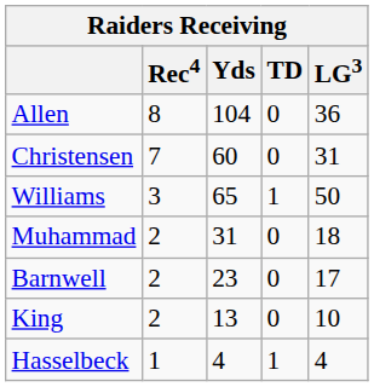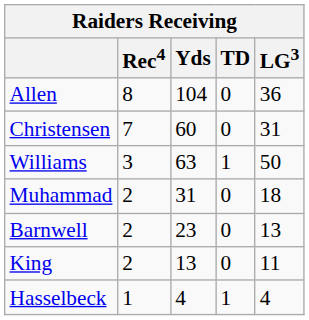 <table class="wikitable">
 <tr>
 <th colspan="5">Raiders Receiving</th>
 </tr>
 <tr>
 <th></th>
 <th>Rec<sup>4</sup></th>
 <th>Yds</th>
 <th>TD</th>
 <th>LG<sup>3</sup></th>
 </tr>
 <tr>
 <td><a href='#'>Allen</a></td>
 <td>8</td>
 <td>104</td>
 <td>0</td>
 <td>36</td>
 </tr>
 <tr>
 <td><a href='#'>Christensen</a></td>
 <td>7</td>
 <td>60</td>
 <td>0</td>
 <td>31</td>
 </tr>
 <tr>
 <td><a href='#'>Williams</a></td>
 <td>3</td>
-<td>65</td>
+<td>63</td>
 <td>1</td>
 <td>50</td>
 </tr>
 <tr>
 <td><a href='#'>Muhammad</a></td>
 <td>2</td>
 <td>31</td>
 <td>0</td>
 <td>18</td>
 </tr>
 <tr>
 <td><a href='#'>Barnwell</a></td>
 <td>2</td>
 <td>23</td>
 <td>0</td>
-<td>17</td>
+<td>13</td>
 </tr>
 <tr>
 <td><a href='#'>King</a></td>
 <td>2</td>
 <td>13</td>
 <td>0</td>
-<td>10</td>
+<td>11</td>
 </tr>
 <tr>
 <td><a href='#'>Hasselbeck</a></td>
 <td>1</td>
 <td>4</td>
 <td>1</td>
 <td>4</td>
 </tr>
 </table>
